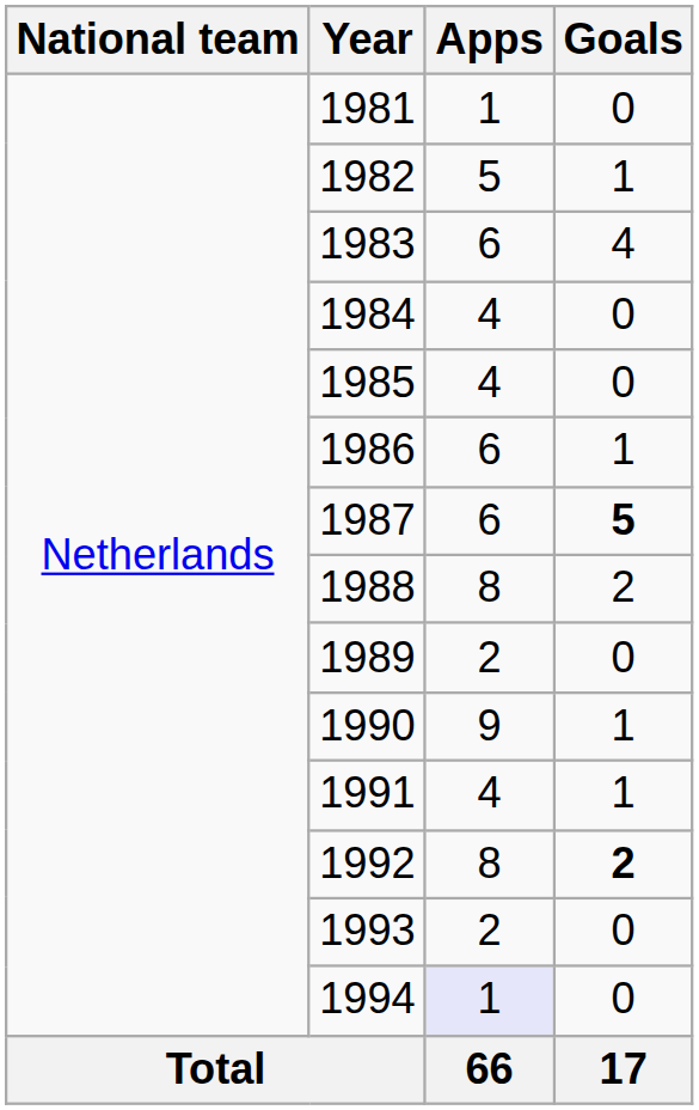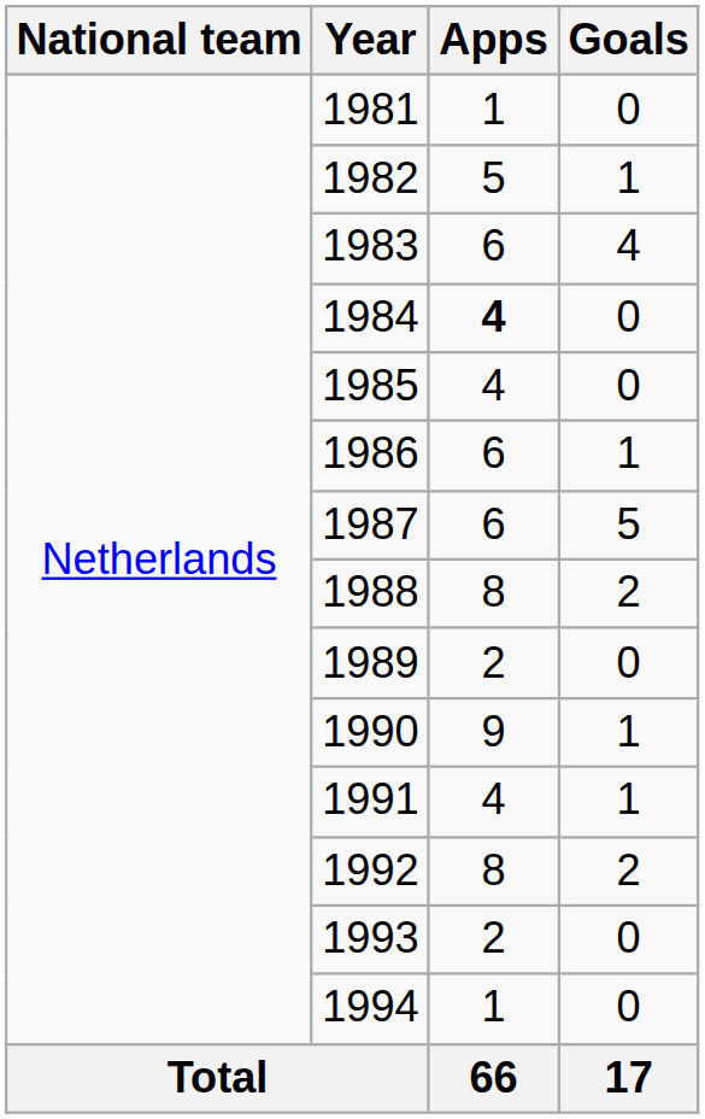 <table class="wikitable" style="text-align:center">
 <tr>
 <th>National team</th>
 <th>Year</th>
 <th>Apps</th>
 <th>Goals</th>
 </tr>
 <tr>
 <td rowspan="14"><a href='#'>Netherlands</a></td>
 <td>1981</td>
 <td>1</td>
 <td>0</td>
 </tr>
 <tr>
 <td>1982</td>
 <td>5</td>
 <td>1</td>
 </tr>
 <tr>
 <td>1983</td>
 <td>6</td>
 <td>4</td>
 </tr>
 <tr>
 <td>1984</td>
-<td>4</td>
+<td><strong>4</strong></td>
 <td>0</td>
 </tr>
 <tr>
 <td>1985</td>
 <td>4</td>
 <td>0</td>
 </tr>
 <tr>
 <td>1986</td>
 <td>6</td>
 <td>1</td>
 </tr>
 <tr>
 <td>1987</td>
 <td>6</td>
-<td><strong>5</strong></td>
+<td>5</td>
 </tr>
 <tr>
 <td>1988</td>
 <td>8</td>
 <td>2</td>
 </tr>
 <tr>
 <td>1989</td>
 <td>2</td>
 <td>0</td>
 </tr>
 <tr>
 <td>1990</td>
 <td>9</td>
 <td>1</td>
 </tr>
 <tr>
 <td>1991</td>
 <td>4</td>
 <td>1</td>
 </tr>
 <tr>
 <td>1992</td>
 <td>8</td>
-<td><strong>2</strong></td>
+<td>2</td>
 </tr>
 <tr>
 <td>1993</td>
 <td>2</td>
 <td>0</td>
 </tr>
 <tr>
 <td>1994</td>
-<td style="background: lavender;">1</td>
+<td>1</td>
 <td>0</td>
 </tr>
 <tr>
 <th colspan="2">Total</th>
 <th>66</th>
 <th>17</th>
 </tr>
 </table>
